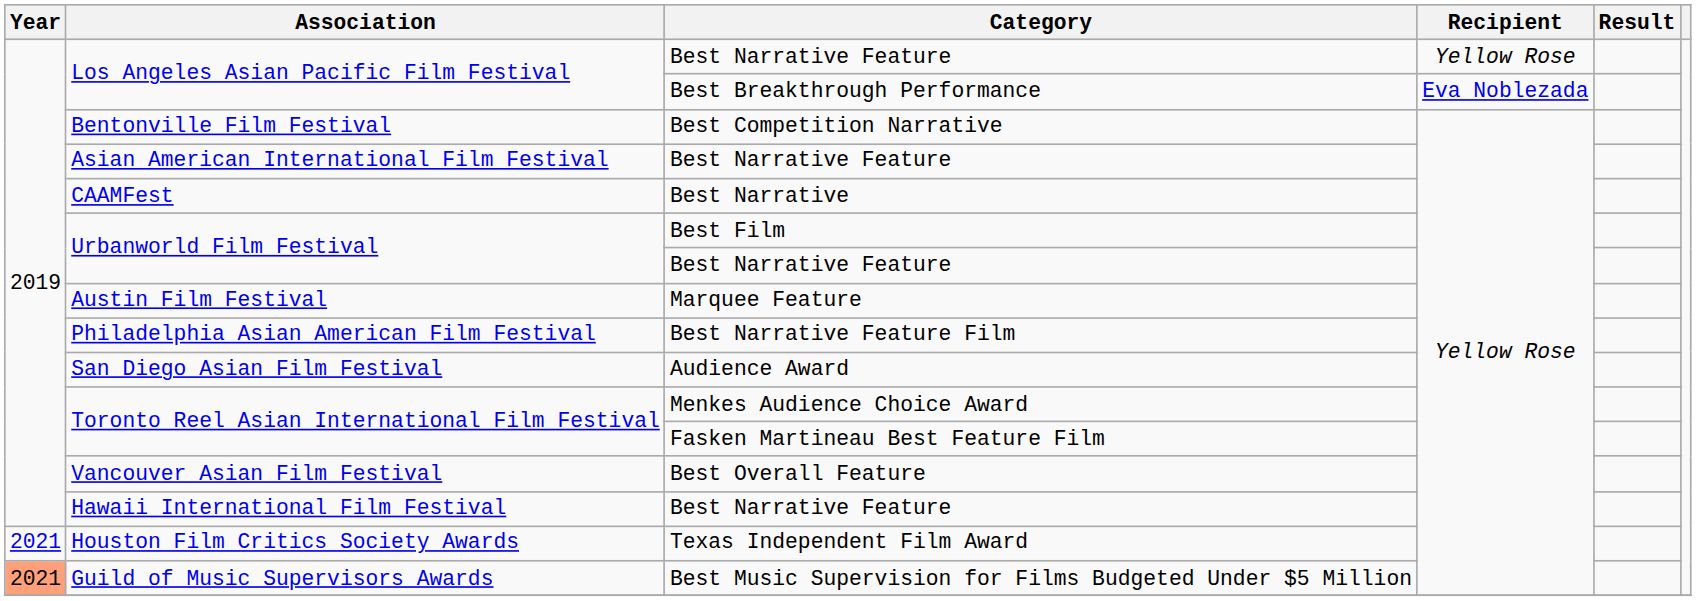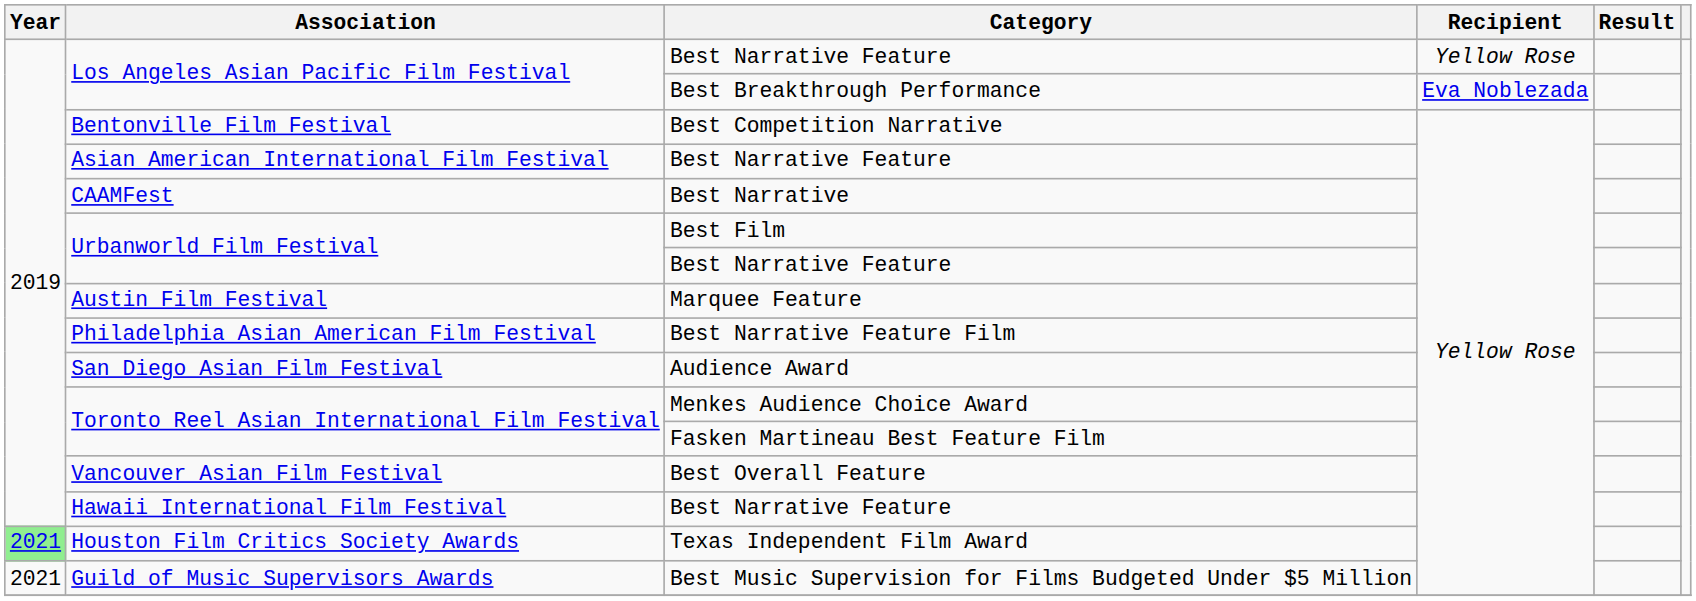 <table class="wikitable sortable">
 <tr>
 <th>Year</th>
 <th>Association</th>
 <th>Category</th>
 <th>Recipient</th>
 <th>Result</th>
 <th></th>
 </tr>
 <tr>
 <td rowspan=14 style="text-align:center;">2019</td>
 <td rowspan=2><a href='#'>Los Angeles Asian Pacific Film Festival</a></td>
 <td>Best Narrative Feature</td>
 <td style="text-align:center;"><em>Yellow Rose</em></td>
 <td></td>
 <td rowspan=16 style="text-align:center;"></td>
 </tr>
 <tr>
 <td>Best Breakthrough Performance</td>
 <td style="text-align:center;"><a href='#'>Eva Noblezada</a></td>
 <td></td>
 </tr>
 <tr>
 <td><a href='#'>Bentonville Film Festival</a></td>
 <td>Best Competition Narrative</td>
 <td rowspan=14 style="text-align:center;"><em>Yellow Rose</em></td>
 <td></td>
 </tr>
 <tr>
 <td><a href='#'>Asian American International Film Festival</a></td>
 <td>Best Narrative Feature</td>
 <td></td>
 </tr>
 <tr>
 <td><a href='#'>CAAMFest</a></td>
 <td>Best Narrative</td>
 <td></td>
 </tr>
 <tr>
 <td rowspan=2><a href='#'>Urbanworld Film Festival</a></td>
 <td>Best Film</td>
 <td></td>
 </tr>
 <tr>
 <td>Best Narrative Feature</td>
 <td></td>
 </tr>
 <tr>
 <td><a href='#'>Austin Film Festival</a></td>
 <td>Marquee Feature</td>
 <td></td>
 </tr>
 <tr>
 <td><a href='#'>Philadelphia Asian American Film Festival</a></td>
 <td>Best Narrative Feature Film</td>
 <td></td>
 </tr>
 <tr>
 <td><a href='#'>San Diego Asian Film Festival</a></td>
 <td>Audience Award</td>
 <td></td>
 </tr>
 <tr>
 <td rowspan=2><a href='#'>Toronto Reel Asian International Film Festival</a></td>
 <td>Menkes Audience Choice Award</td>
 <td></td>
 </tr>
 <tr>
 <td>Fasken Martineau Best Feature Film</td>
 <td></td>
 </tr>
 <tr>
 <td><a href='#'>Vancouver Asian Film Festival</a></td>
 <td>Best Overall Feature</td>
 <td></td>
 </tr>
 <tr>
 <td><a href='#'>Hawaii International Film Festival</a></td>
 <td>Best Narrative Feature</td>
 <td></td>
 </tr>
 <tr>
-<td style="text-align:center;"><a href='#'>2021</a></td>
+<td style="background: lightgreen; text-align:center;"><a href='#'>2021</a></td>
 <td><a href='#'>Houston Film Critics Society Awards</a></td>
 <td>Texas Independent Film Award</td>
 <td></td>
 </tr>
 <tr>
-<td style="background: lightsalmon; text-align:center;">2021</td>
+<td style="text-align:center;">2021</td>
 <td><a href='#'>Guild of Music Supervisors Awards</a></td>
 <td>Best Music Supervision for Films Budgeted Under $5 Million</td>
 <td></td>
 </tr>
 <tr>
 </tr>
 </table>
